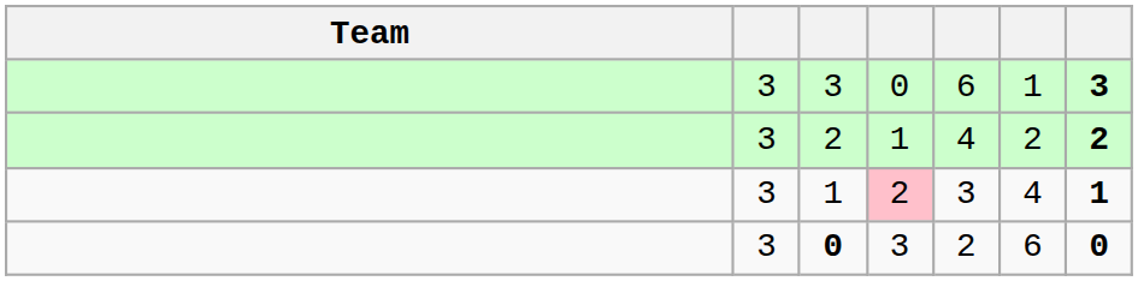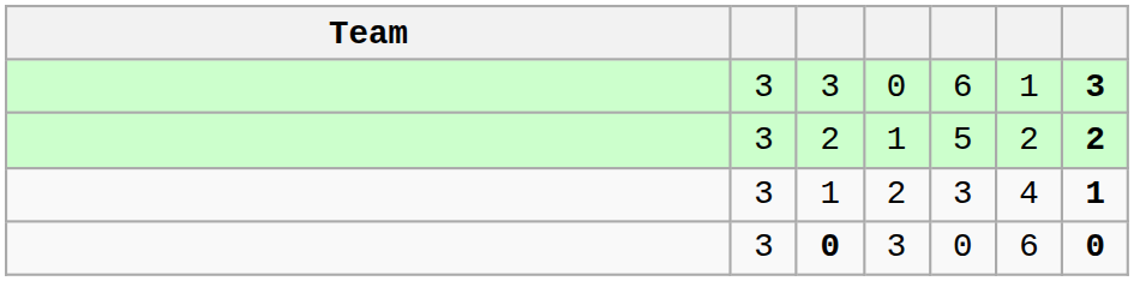 <table class=wikitable style="text-align:center">
 <tr>
 <th width=280>Team</th>
 <th width=20></th>
 <th width=20></th>
 <th width=20></th>
 <th width=20></th>
 <th width=20></th>
 <th width=20></th>
 </tr>
 <tr bgcolor=ccffcc>
 <td style="text-align:left"></td>
 <td>3</td>
 <td>3</td>
 <td>0</td>
 <td>6</td>
 <td>1</td>
 <td><strong>3</strong></td>
 </tr>
 <tr bgcolor=ccffcc>
 <td style="text-align:left"></td>
 <td>3</td>
 <td>2</td>
 <td>1</td>
-<td>4</td>
+<td>5</td>
 <td>2</td>
 <td><strong>2</strong></td>
 </tr>
 <tr>
 <td style="text-align:left"></td>
 <td>3</td>
 <td>1</td>
-<td style="background: pink;">2</td>
+<td>2</td>
 <td>3</td>
 <td>4</td>
 <td><strong>1</strong></td>
 </tr>
 <tr>
 <td style="text-align:left"></td>
 <td>3</td>
 <td><strong>0</strong></td>
 <td>3</td>
-<td>2</td>
+<td>0</td>
 <td>6</td>
 <td><strong>0</strong></td>
 </tr>
 </table>
